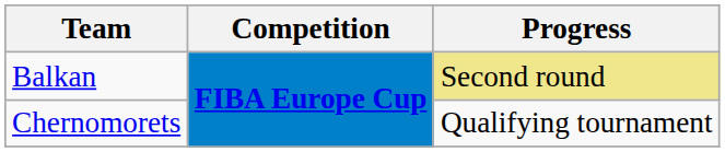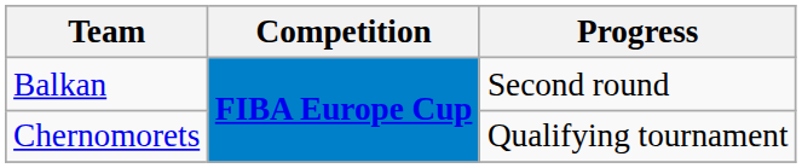 <table class="wikitable sortable">
 <tr>
 <th>Team</th>
 <th>Competition</th>
 <th>Progress</th>
 </tr>
 <tr>
 <td><a href='#'>Balkan</a></td>
 <td style="background-color:#0080c8;color:#D0D3D4;text-align:center"  rowspan=2><strong><a href='#'><span>FIBA Europe Cup</span></a></strong></td>
-<td style="background: khaki;">Second round</td>
+<td>Second round</td>
 </tr>
 <tr>
 <td><a href='#'>Chernomorets</a></td>
 <td>Qualifying tournament</td>
 </tr>
 </table>
